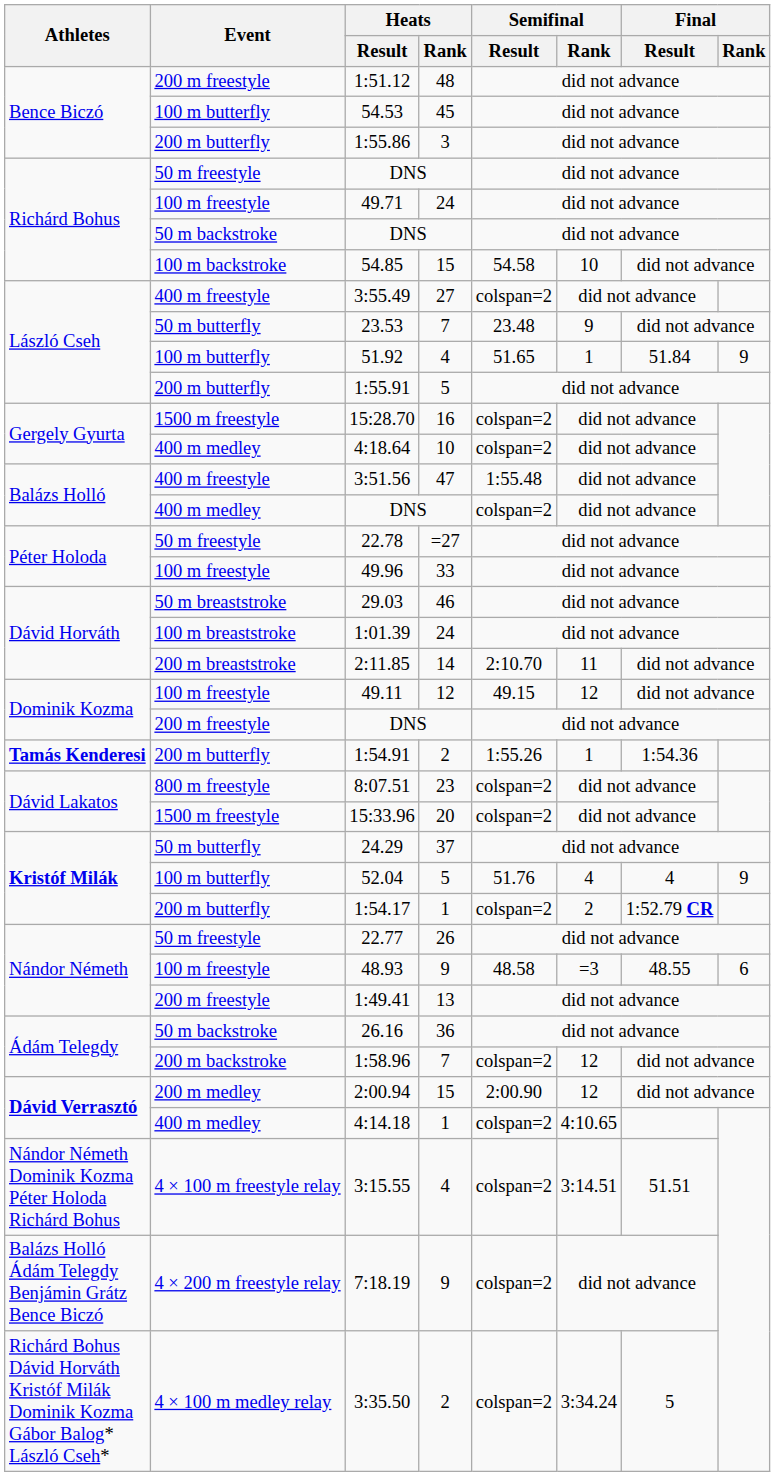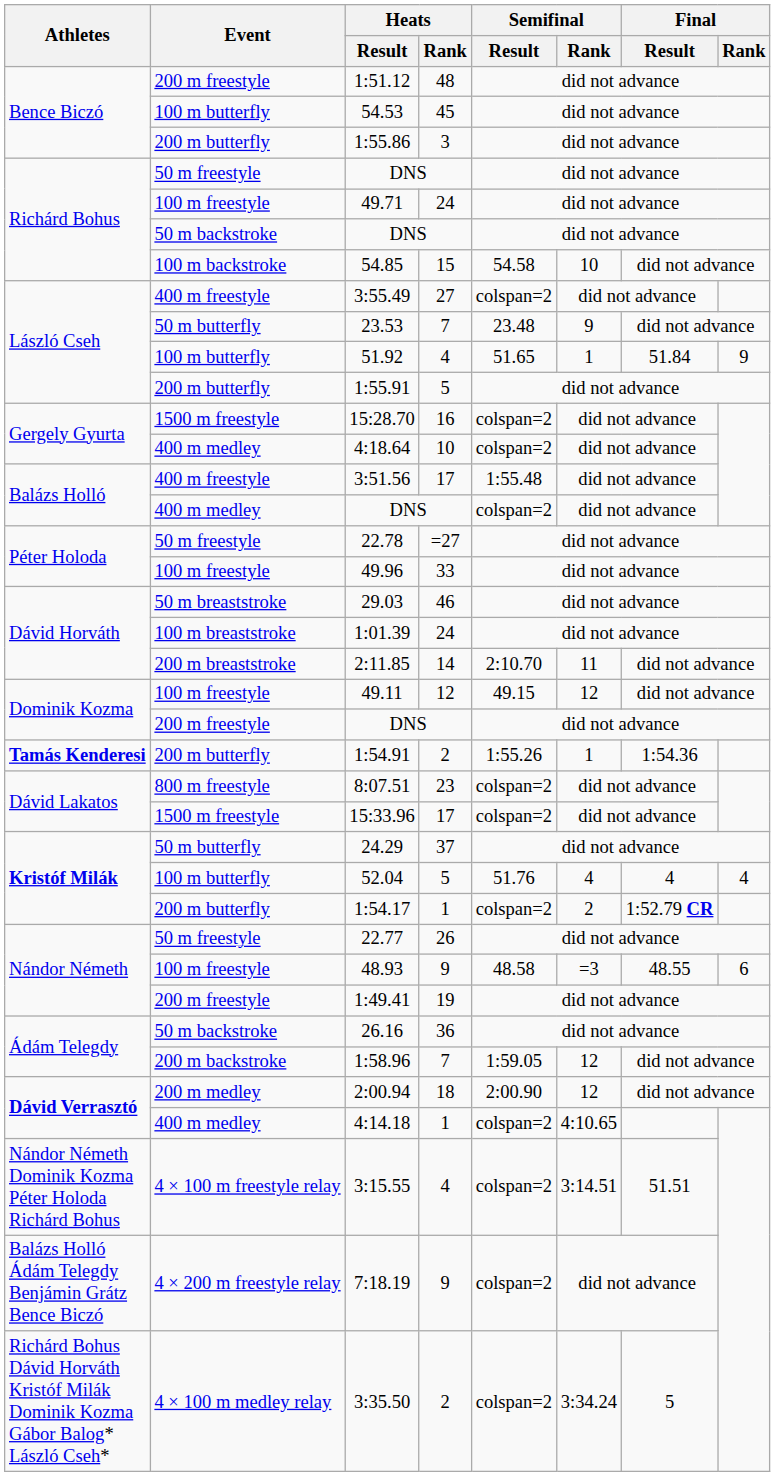 <table class="wikitable" border="1" style="font-size:90%; text-align:center">
 <tr>
 <th rowspan="2">Athletes</th>
 <th rowspan="2">Event</th>
 <th colspan="2">Heats</th>
 <th colspan="2">Semifinal</th>
 <th colspan="2">Final</th>
 </tr>
 <tr>
 <th>Result</th>
 <th>Rank</th>
 <th>Result</th>
 <th>Rank</th>
 <th>Result</th>
 <th>Rank</th>
 </tr>
 <tr>
 <td rowspan="3" align="left"><a href='#'>Bence Biczó</a></td>
 <td align="left"><a href='#'>200 m freestyle</a></td>
 <td>1:51.12</td>
 <td>48</td>
 <td colspan=4>did not advance</td>
 </tr>
 <tr>
 <td align="left"><a href='#'>100 m butterfly</a></td>
 <td>54.53</td>
 <td>45</td>
 <td colspan=4>did not advance</td>
 </tr>
 <tr>
 <td align="left"><a href='#'>200 m butterfly</a></td>
 <td>1:55.86</td>
 <td>3</td>
 <td colspan=4>did not advance</td>
 </tr>
 <tr>
 <td rowspan="4" align="left"><a href='#'>Richárd Bohus</a></td>
 <td align="left"><a href='#'>50 m freestyle</a></td>
 <td colspan=2>DNS</td>
 <td colspan=4>did not advance</td>
 </tr>
 <tr>
 <td align="left"><a href='#'>100 m freestyle</a></td>
 <td>49.71</td>
 <td>24</td>
 <td colspan=4>did not advance</td>
 </tr>
 <tr>
 <td align="left"><a href='#'>50 m backstroke</a></td>
 <td colspan=2>DNS</td>
 <td colspan=4>did not advance</td>
 </tr>
 <tr>
 <td align="left"><a href='#'>100 m backstroke</a></td>
 <td>54.85</td>
 <td>15 <strong></strong></td>
 <td>54.58</td>
 <td>10</td>
 <td colspan=2>did not advance</td>
 </tr>
 <tr>
 <td rowspan="4" align="left"><a href='#'>László Cseh</a></td>
 <td align="left"><a href='#'>400 m freestyle</a></td>
 <td>3:55.49</td>
 <td>27</td>
 <td>colspan=2 </td>
 <td colspan=2>did not advance</td>
 </tr>
 <tr>
 <td align="left"><a href='#'>50 m butterfly</a></td>
 <td>23.53</td>
 <td>7 <strong></strong></td>
 <td>23.48</td>
 <td>9</td>
 <td colspan=2>did not advance</td>
 </tr>
 <tr>
 <td align="left"><a href='#'>100 m butterfly</a></td>
 <td>51.92</td>
 <td>4 <strong></strong></td>
 <td>51.65</td>
 <td>1 <strong></strong></td>
 <td>51.84</td>
 <td>9</td>
 </tr>
 <tr>
 <td align="left"><a href='#'>200 m butterfly</a></td>
 <td>1:55.91</td>
 <td>5</td>
 <td colspan=4>did not advance</td>
 </tr>
 <tr>
 <td rowspan="2" align="left"><a href='#'>Gergely Gyurta</a></td>
 <td align="left"><a href='#'>1500 m freestyle</a></td>
 <td>15:28.70</td>
 <td>16</td>
 <td>colspan=2 </td>
 <td colspan=2>did not advance</td>
 </tr>
 <tr>
 <td align="left"><a href='#'>400 m medley</a></td>
 <td>4:18.64</td>
 <td>10</td>
 <td>colspan=2 </td>
 <td colspan=2>did not advance</td>
 </tr>
 <tr>
 <td rowspan="2" align="left"><a href='#'>Balázs Holló</a></td>
 <td align="left"><a href='#'>400 m freestyle</a></td>
 <td>3:51.56</td>
-<td>47</td>
+<td>17</td>
 <td>1:55.48</td>
 <td colspan=2>did not advance</td>
 </tr>
 <tr>
 <td align="left"><a href='#'>400 m medley</a></td>
 <td colspan=2>DNS</td>
 <td>colspan=2 </td>
 <td colspan=2>did not advance</td>
 </tr>
 <tr>
 <td rowspan="2" align="left"><a href='#'>Péter Holoda</a></td>
 <td align="left"><a href='#'>50 m freestyle</a></td>
 <td>22.78</td>
 <td>=27</td>
 <td colspan=4>did not advance</td>
 </tr>
 <tr>
 <td align="left"><a href='#'>100 m freestyle</a></td>
 <td>49.96</td>
 <td>33</td>
 <td colspan=4>did not advance</td>
 </tr>
 <tr>
 <td rowspan="3" align="left"><a href='#'>Dávid Horváth</a></td>
 <td align="left"><a href='#'>50 m breaststroke</a></td>
 <td>29.03</td>
 <td>46</td>
 <td colspan=4>did not advance</td>
 </tr>
 <tr>
 <td align="left"><a href='#'>100 m breaststroke</a></td>
 <td>1:01.39</td>
 <td>24</td>
 <td colspan=4>did not advance</td>
 </tr>
 <tr>
 <td align="left"><a href='#'>200 m breaststroke</a></td>
 <td>2:11.85</td>
 <td>14 <strong></strong></td>
 <td>2:10.70</td>
 <td>11</td>
 <td colspan=2>did not advance</td>
 </tr>
 <tr>
 <td rowspan="2" align="left"><a href='#'>Dominik Kozma</a></td>
 <td align="left"><a href='#'>100 m freestyle</a></td>
 <td>49.11</td>
 <td>12 <strong></strong></td>
 <td>49.15</td>
 <td>12</td>
 <td colspan=2>did not advance</td>
 </tr>
 <tr>
 <td align="left"><a href='#'>200 m freestyle</a></td>
 <td colspan=2>DNS</td>
 <td colspan=4>did not advance</td>
 </tr>
 <tr>
 <td align="left"><strong><a href='#'>Tamás Kenderesi</a></strong></td>
 <td align="left"><a href='#'>200 m butterfly</a></td>
 <td>1:54.91</td>
 <td>2 <strong></strong></td>
 <td>1:55.26</td>
 <td>1 <strong></strong></td>
 <td>1:54.36</td>
 <td></td>
 </tr>
 <tr>
 <td rowspan="2" align="left"><a href='#'>Dávid Lakatos</a></td>
 <td align="left"><a href='#'>800 m freestyle</a></td>
 <td>8:07.51</td>
 <td>23</td>
 <td>colspan=2 </td>
 <td colspan=2>did not advance</td>
 </tr>
 <tr>
 <td align="left"><a href='#'>1500 m freestyle</a></td>
 <td>15:33.96</td>
-<td>20</td>
+<td>17</td>
 <td>colspan=2 </td>
 <td colspan=2>did not advance</td>
 </tr>
 <tr>
 <td rowspan="3" align="left"><strong><a href='#'>Kristóf Milák</a></strong></td>
 <td align="left"><a href='#'>50 m butterfly</a></td>
 <td>24.29</td>
 <td>37</td>
 <td colspan=4>did not advance</td>
 </tr>
 <tr>
 <td align="left"><a href='#'>100 m butterfly</a></td>
 <td>52.04</td>
 <td>5 <strong></strong></td>
 <td>51.76</td>
 <td>4 <strong></strong></td>
 <td>4</td>
-<td>9</td>
+<td>4</td>
 </tr>
 <tr>
 <td align="left"><a href='#'>200 m butterfly</a></td>
 <td>1:54.17</td>
 <td>1 <strong></strong></td>
 <td>colspan=2 </td>
 <td>2 <strong></strong></td>
 <td>1:52.79 <strong><a href='#'>CR</a></strong></td>
 <td></td>
 </tr>
 <tr>
 <td rowspan="3" align="left"><a href='#'>Nándor Németh</a></td>
 <td align="left"><a href='#'>50 m freestyle</a></td>
 <td>22.77</td>
 <td>26</td>
 <td colspan=4>did not advance</td>
 </tr>
 <tr>
 <td align="left"><a href='#'>100 m freestyle</a></td>
 <td>48.93</td>
 <td>9 <strong></strong></td>
 <td>48.58</td>
 <td>=3 <strong></strong></td>
 <td>48.55</td>
 <td>6</td>
 </tr>
 <tr>
 <td align="left"><a href='#'>200 m freestyle</a></td>
 <td>1:49.41</td>
-<td>13</td>
+<td>19</td>
 <td colspan=4>did not advance</td>
 </tr>
 <tr>
 <td rowspan="2" align="left"><a href='#'>Ádám Telegdy</a></td>
 <td align="left"><a href='#'>50 m backstroke</a></td>
 <td>26.16</td>
 <td>36</td>
 <td colspan=4>did not advance</td>
 </tr>
 <tr>
 <td align="left"><a href='#'>200 m backstroke</a></td>
 <td>1:58.96</td>
 <td>7 <strong></strong></td>
-<td>colspan=2 </td>
+<td>1:59.05</td>
 <td>12</td>
 <td colspan=2>did not advance</td>
 </tr>
 <tr>
 <td rowspan="2" align="left"><strong><a href='#'>Dávid Verrasztó</a></strong></td>
 <td align="left"><a href='#'>200 m medley</a></td>
 <td>2:00.94</td>
-<td>15 <strong></strong></td>
+<td>18 <strong></strong></td>
 <td>2:00.90</td>
 <td>12</td>
 <td colspan=2>did not advance</td>
 </tr>
 <tr>
 <td align="left"><a href='#'>400 m medley</a></td>
 <td>4:14.18</td>
 <td>1 <strong></strong></td>
 <td>colspan=2 </td>
 <td>4:10.65</td>
 <td></td>
 </tr>
 <tr>
 <td align="left"><a href='#'>Nándor Németh</a><br><a href='#'>Dominik Kozma</a><br><a href='#'>Péter Holoda</a><br><a href='#'>Richárd Bohus</a></td>
 <td align="left"><a href='#'>4 × 100 m freestyle relay</a></td>
 <td>3:15.55</td>
 <td>4 <strong></strong></td>
 <td>colspan=2 </td>
 <td>3:14.51</td>
 <td>51.51</td>
 </tr>
 <tr>
 <td align="left"><a href='#'>Balázs Holló</a><br><a href='#'>Ádám Telegdy</a><br><a href='#'>Benjámin Grátz</a><br><a href='#'>Bence Biczó</a></td>
 <td align="left"><a href='#'>4 × 200 m freestyle relay</a></td>
 <td>7:18.19</td>
 <td>9</td>
 <td>colspan=2 </td>
 <td colspan=2>did not advance</td>
 </tr>
 <tr>
 <td align="left"><a href='#'>Richárd Bohus</a><br><a href='#'>Dávid Horváth</a><br><a href='#'>Kristóf Milák</a><br><a href='#'>Dominik Kozma</a><br><a href='#'>Gábor Balog</a>*<br><a href='#'>László Cseh</a>*</td>
 <td align="left"><a href='#'>4 × 100 m medley relay</a></td>
 <td>3:35.50</td>
 <td>2 <strong></strong></td>
 <td>colspan=2 </td>
 <td>3:34.24</td>
 <td>5</td>
 </tr>
 </table>
